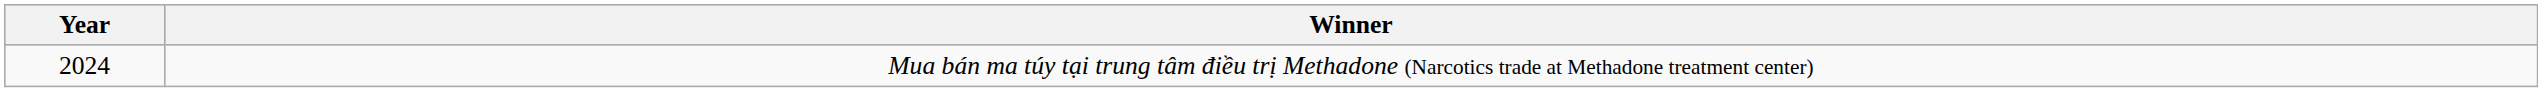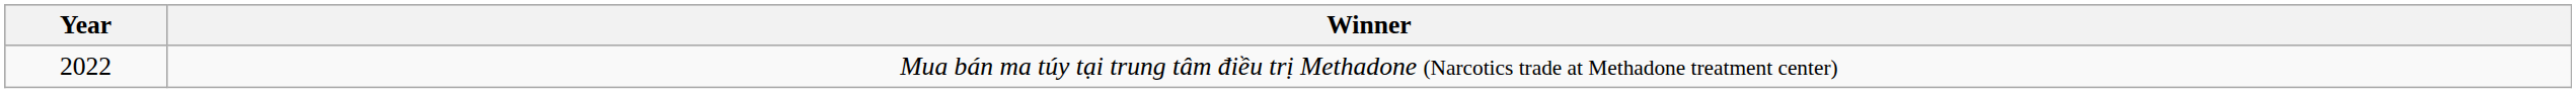 <table class="wikitable" style="text-align: center; width:100%">
 <tr>
 <th>Year</th>
 <th>Winner</th>
 </tr>
 <tr>
-<td>2024</td>
+<td>2022</td>
 <td><em>Mua bán ma túy tại trung tâm điều trị Methadone</em> <small>(Narcotics trade at Methadone treatment center)</small></td>
 </tr>
 </table>
